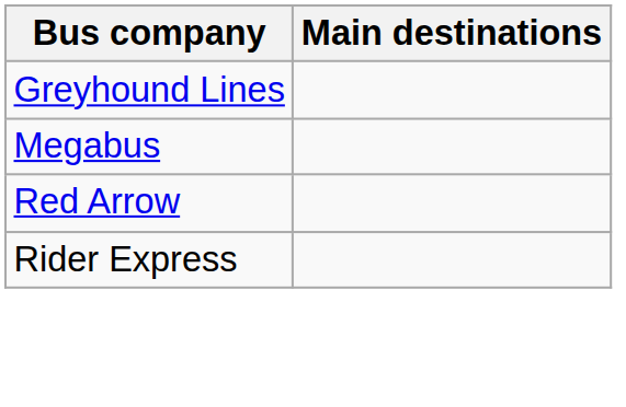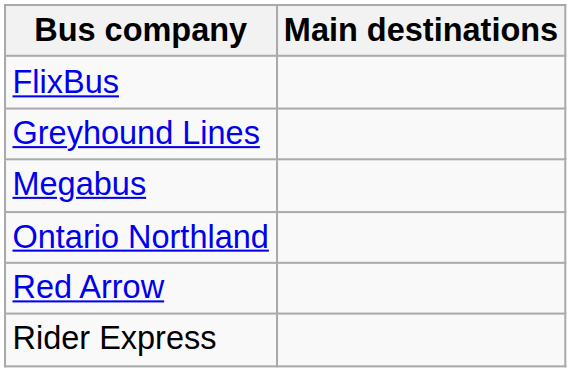 <table class="wikitable">
 <tr>
 <th>Bus company</th>
 <th>Main destinations</th>
+</tr>
+<tr>
+<td><a href='#'>FlixBus</a></td>
+<td><br>           </td>
 </tr>
 <tr>
 <td><a href='#'>Greyhound Lines</a></td>
 <td></td>
 </tr>
 <tr>
 <td><a href='#'>Megabus</a></td>
 <td><br>     </td>
 </tr>
 <tr>
+<td><a href='#'>Ontario Northland</a></td>
+<td><br></td>
+</tr>
+<tr>
 <td><a href='#'>Red Arrow</a></td>
 <td><br></td>
 </tr>
 <tr>
 <td>Rider Express</td>
 <td><br></td>
 </tr>
 </table>
